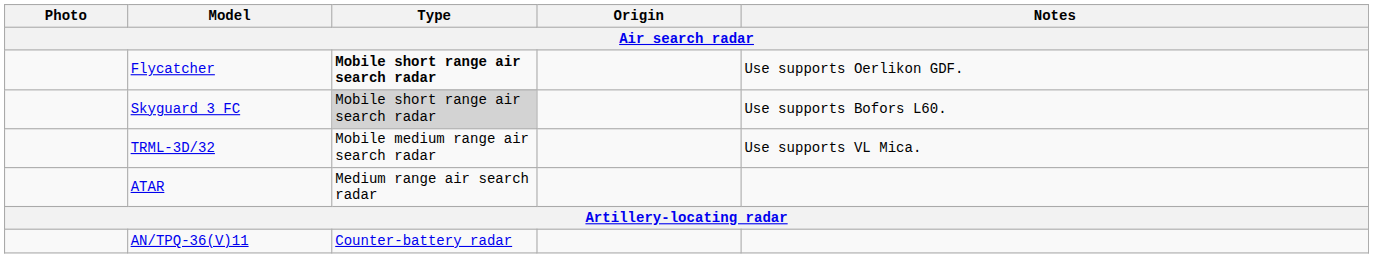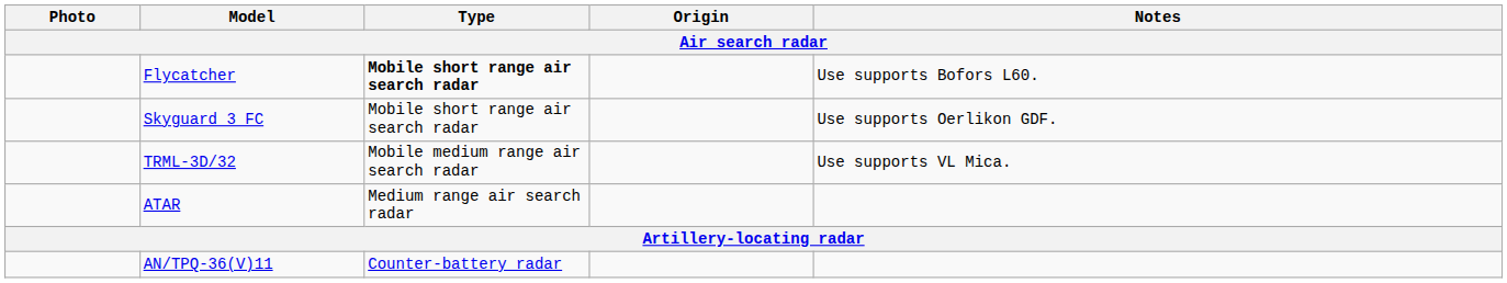 <table class="wikitable" style="width:100%;">
 <tr>
 <th style="width:9%;">Photo</th>
 <th style="width:15%;">Model</th>
 <th style="width:15%;">Type</th>
 <th style="width:15%;">Origin</th>
 <th>Notes</th>
 </tr>
 <tr>
 <th style="align: centre;" colspan="7"><a href='#'>Air search radar</a></th>
 </tr>
 <tr>
 <td></td>
 <td><a href='#'>Flycatcher</a></td>
 <td><strong>Mobile short range air search radar</strong></td>
 <td></td>
-<td>Use supports Oerlikon GDF.</td>
+<td>Use supports Bofors L60.</td>
 </tr>
 <tr>
 <td></td>
 <td><a href='#'>Skyguard 3 FC</a></td>
-<td style="background: lightgrey;">Mobile short range air search radar</td>
+<td>Mobile short range air search radar</td>
 <td></td>
-<td>Use supports Bofors L60.</td>
+<td>Use supports Oerlikon GDF.</td>
 </tr>
 <tr>
 <td></td>
 <td><a href='#'>TRML-3D/32</a></td>
 <td>Mobile medium range air search radar</td>
 <td></td>
 <td>Use supports VL Mica.</td>
 </tr>
 <tr>
 <td></td>
 <td><a href='#'>ATAR</a></td>
 <td>Medium range air search radar</td>
 <td></td>
 <td></td>
 </tr>
 <tr>
 <th style="align: centre;" colspan="7"><a href='#'>Artillery-locating radar</a></th>
 </tr>
 <tr>
 <td></td>
 <td><a href='#'>AN/TPQ-36(V)11</a></td>
 <td><a href='#'>Counter-battery radar</a></td>
 <td></td>
 <td></td>
 </tr>
 </table>
